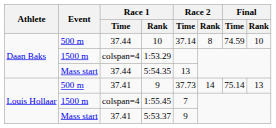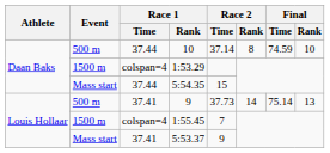 <table class="wikitable" style="font-size:90%">
 <tr>
 <th rowspan=2>Athlete</th>
 <th rowspan=2>Event</th>
 <th colspan=2>Race 1</th>
 <th colspan=2>Race 2</th>
 <th colspan=2>Final</th>
 </tr>
 <tr style="font-size:95%">
 <th>Time</th>
 <th>Rank</th>
 <th>Time</th>
 <th>Rank</th>
 <th>Time</th>
 <th>Rank</th>
 </tr>
 <tr align=center>
 <td align=left rowspan=3><a href='#'>Daan Baks</a></td>
 <td align=left><a href='#'>500 m</a></td>
 <td>37.44</td>
 <td>10</td>
 <td>37.14</td>
 <td>8</td>
 <td>74.59</td>
 <td>10</td>
 </tr>
 <tr align=center>
 <td align=left><a href='#'>1500 m</a></td>
 <td>colspan=4 </td>
 <td>1:53.29</td>
 <td></td>
 </tr>
 <tr align=center>
 <td align=left><a href='#'>Mass start</a></td>
 <td>37.44</td>
 <td>5:54.35</td>
-<td>13</td>
+<td>15</td>
 </tr>
 <tr align=center>
 <td align=left rowspan=3><a href='#'>Louis Hollaar</a></td>
 <td align=left><a href='#'>500 m</a></td>
 <td>37.41</td>
 <td>9</td>
 <td>37.73</td>
 <td>14</td>
 <td>75.14</td>
 <td>13</td>
 </tr>
 <tr align=center>
 <td align=left><a href='#'>1500 m</a></td>
 <td>colspan=4 </td>
 <td>1:55.45</td>
 <td>7</td>
 </tr>
 <tr align=center>
 <td align=left><a href='#'>Mass start</a></td>
 <td>37.41</td>
 <td>5:53.37</td>
 <td>9</td>
 </tr>
 </table>
